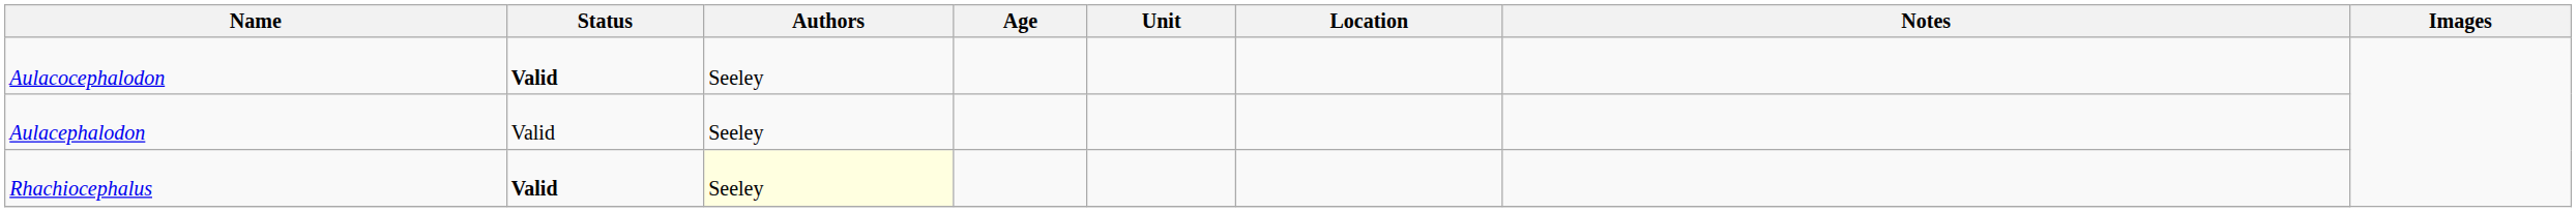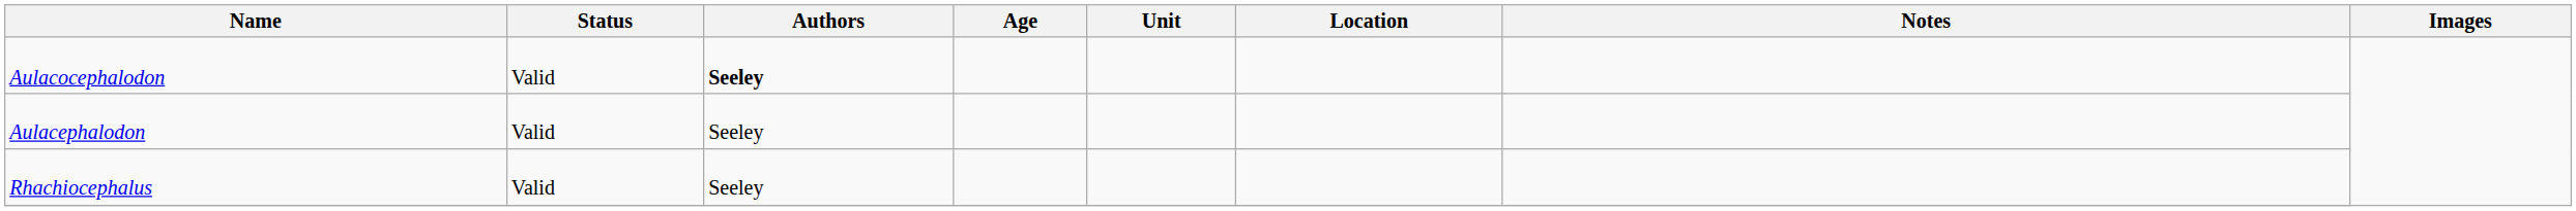 <table class="wikitable sortable" align="center" width="100%">
 <tr>
 <th>Name</th>
 <th>Status</th>
 <th>Authors</th>
 <th>Age</th>
 <th>Unit</th>
 <th>Location</th>
 <th width="33%" class="unsortable">Notes</th>
 <th class="unsortable">Images</th>
 </tr>
 <tr>
 <td><br><em><a href='#'>Aulacocephalodon</a></em></td>
-<td><strong><br>Valid</strong></td>
-<td><br>Seeley</td>
+<td><br>Valid</td>
+<td><strong><br>Seeley</strong></td>
 <td></td>
 <td></td>
 <td></td>
 <td><br></td>
 <td rowspan="99"><br></td>
 </tr>
 <tr>
 <td><br><em><a href='#'>Aulacephalodon</a></em></td>
 <td><br>Valid</td>
 <td><br>Seeley</td>
 <td></td>
 <td></td>
 <td></td>
 <td></td>
 </tr>
 <tr>
 <td><br><em><a href='#'>Rhachiocephalus</a></em></td>
-<td><strong><br>Valid</strong></td>
-<td style="background: lightyellow;"><br>Seeley</td>
+<td><br>Valid</td>
+<td><br>Seeley</td>
 <td></td>
 <td></td>
 <td></td>
 <td></td>
 </tr>
 <tr>
 </tr>
 </table>
